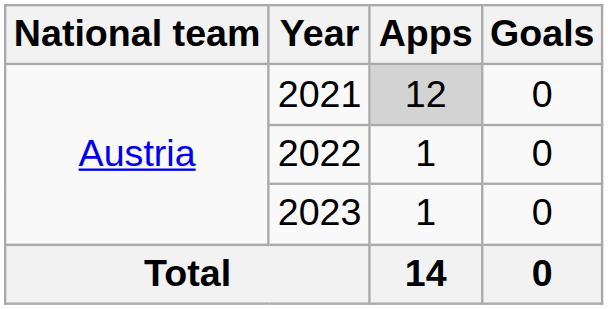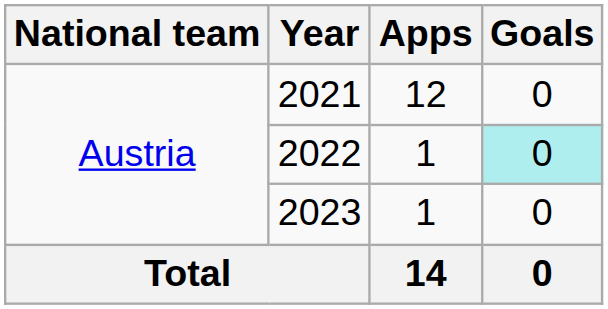 <table class="wikitable" style="text-align:center">
 <tr>
 <th>National team</th>
 <th>Year</th>
 <th>Apps</th>
 <th>Goals</th>
 </tr>
 <tr>
 <td rowspan="3"><a href='#'>Austria</a></td>
 <td>2021</td>
-<td style="background: lightgrey;">12</td>
+<td>12</td>
 <td>0</td>
 </tr>
 <tr>
 <td>2022</td>
 <td>1</td>
-<td>0</td>
+<td style="background: paleturquoise;">0</td>
 </tr>
 <tr>
 <td>2023</td>
 <td>1</td>
 <td>0</td>
 </tr>
 <tr>
 <th colspan="2">Total</th>
 <th>14</th>
 <th>0</th>
 </tr>
 </table>
